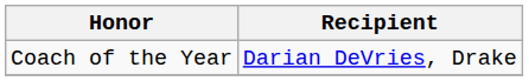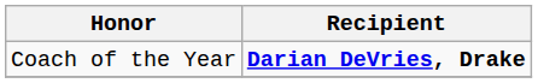 <table class="wikitable" border="1">
 <tr>
 <th>Honor</th>
 <th>Recipient</th>
 </tr>
 <tr>
 <td>Coach of the Year</td>
-<td><a href='#'>Darian DeVries</a>, Drake</td>
+<td><strong><a href='#'>Darian DeVries</a>, Drake</strong></td>
 </tr>
 <tr>
 </tr>
 </table>
